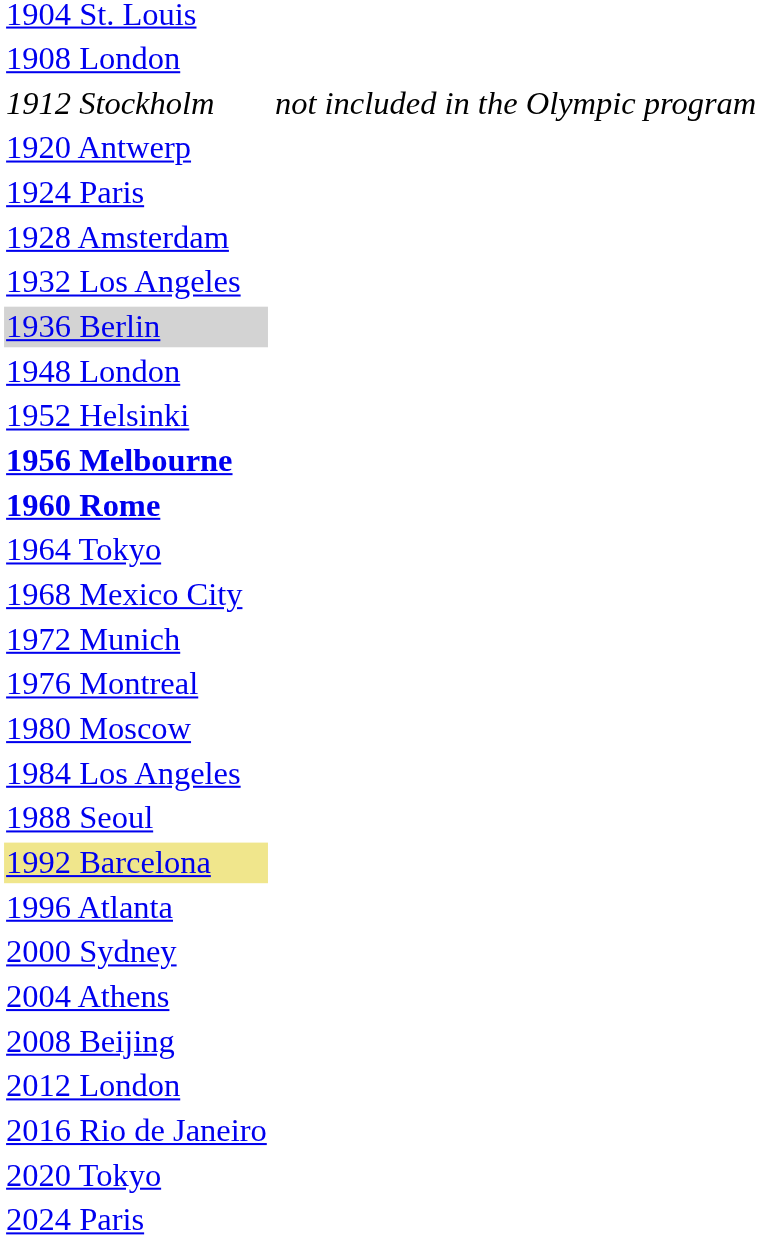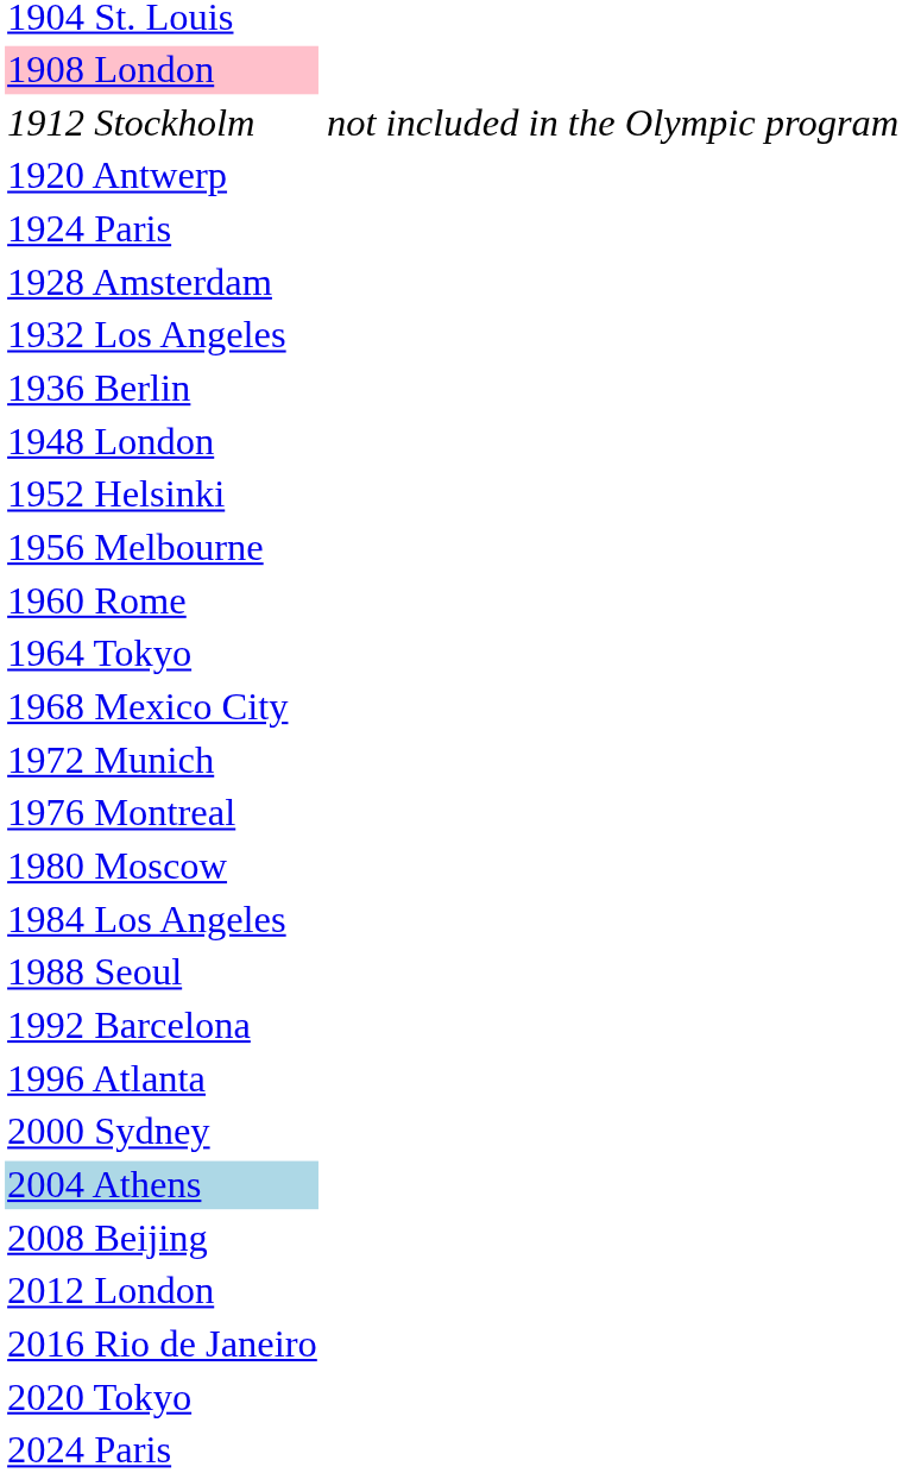 <table>
 <tr>
 <td><a href='#'>1904 St. Louis</a><br></td>
 <td></td>
 <td></td>
 <td></td>
 </tr>
 <tr>
-<td><a href='#'>1908 London</a><br></td>
+<td style="background: pink;"><a href='#'>1908 London</a><br></td>
 <td></td>
 <td></td>
 <td></td>
 </tr>
 <tr>
 <td><em>1912 Stockholm</em></td>
 <td colspan="3" align="center"><em>not included in the Olympic program</em></td>
 </tr>
 <tr>
 <td><a href='#'>1920 Antwerp</a><br></td>
 <td></td>
 <td></td>
 <td></td>
 </tr>
 <tr>
 <td><a href='#'>1924 Paris</a><br></td>
 <td></td>
 <td></td>
 <td></td>
 </tr>
 <tr>
 <td><a href='#'>1928 Amsterdam</a><br></td>
 <td></td>
 <td></td>
 <td></td>
 </tr>
 <tr>
 <td><a href='#'>1932 Los Angeles</a><br></td>
 <td></td>
 <td></td>
 <td></td>
 </tr>
 <tr>
-<td style="background: lightgrey;"><a href='#'>1936 Berlin</a><br></td>
+<td><a href='#'>1936 Berlin</a><br></td>
 <td></td>
 <td></td>
 <td></td>
 </tr>
 <tr>
 <td><a href='#'>1948 London</a><br></td>
 <td></td>
 <td></td>
 <td></td>
 </tr>
 <tr>
 <td><a href='#'>1952 Helsinki</a><br></td>
 <td></td>
 <td></td>
 <td></td>
 </tr>
 <tr>
-<td><strong><a href='#'>1956 Melbourne</a><br></strong></td>
+<td><a href='#'>1956 Melbourne</a><br></td>
 <td></td>
 <td></td>
 <td></td>
 </tr>
 <tr>
-<td><strong><a href='#'>1960 Rome</a><br></strong></td>
+<td><a href='#'>1960 Rome</a><br></td>
 <td></td>
 <td></td>
 <td></td>
 </tr>
 <tr>
 <td><a href='#'>1964 Tokyo</a><br></td>
 <td></td>
 <td></td>
 <td></td>
 </tr>
 <tr>
 <td><a href='#'>1968 Mexico City</a><br></td>
 <td></td>
 <td></td>
 <td></td>
 </tr>
 <tr>
 <td><a href='#'>1972 Munich</a><br></td>
 <td></td>
 <td></td>
 <td></td>
 </tr>
 <tr>
 <td><a href='#'>1976 Montreal</a><br></td>
 <td></td>
 <td></td>
 <td></td>
 </tr>
 <tr>
 <td><a href='#'>1980 Moscow</a><br></td>
 <td></td>
 <td></td>
 <td></td>
 </tr>
 <tr>
 <td><a href='#'>1984 Los Angeles</a><br></td>
 <td></td>
 <td></td>
 <td></td>
 </tr>
 <tr>
 <td><a href='#'>1988 Seoul</a><br></td>
 <td></td>
 <td></td>
 <td></td>
 </tr>
 <tr>
-<td style="background: khaki;"><a href='#'>1992 Barcelona</a><br></td>
+<td><a href='#'>1992 Barcelona</a><br></td>
 <td></td>
 <td></td>
 <td></td>
 </tr>
 <tr>
 <td><a href='#'>1996 Atlanta</a><br></td>
 <td></td>
 <td></td>
 <td></td>
 </tr>
 <tr>
 <td><a href='#'>2000 Sydney</a><br></td>
 <td></td>
 <td></td>
 <td></td>
 </tr>
 <tr>
-<td><a href='#'>2004 Athens</a><br></td>
+<td style="background: lightblue;"><a href='#'>2004 Athens</a><br></td>
 <td></td>
 <td></td>
 <td></td>
 </tr>
 <tr>
 <td rowspan="2"><a href='#'>2008 Beijing</a><br></td>
 <td rowspan="2"></td>
 <td rowspan="2"></td>
 <td></td>
 </tr>
 <tr>
 <td></td>
 </tr>
 <tr>
 <td rowspan="2"><a href='#'>2012 London</a><br></td>
 <td rowspan="2"></td>
 <td rowspan="2"></td>
 <td></td>
 </tr>
 <tr>
 <td></td>
 </tr>
 <tr>
 <td rowspan="2"><a href='#'>2016 Rio de Janeiro</a><br></td>
 <td rowspan="2"></td>
 <td rowspan="2"></td>
 <td></td>
 </tr>
 <tr>
 <td></td>
 </tr>
 <tr>
 <td rowspan="2"><a href='#'>2020 Tokyo</a><br></td>
 <td rowspan="2"></td>
 <td rowspan="2"></td>
 <td></td>
 </tr>
 <tr>
 <td></td>
 </tr>
 <tr>
 <td rowspan="2"><a href='#'>2024 Paris</a> <br></td>
 <td rowspan=2></td>
 <td rowspan=2></td>
 <td></td>
 </tr>
 <tr>
 <td></td>
 </tr>
 </table>
